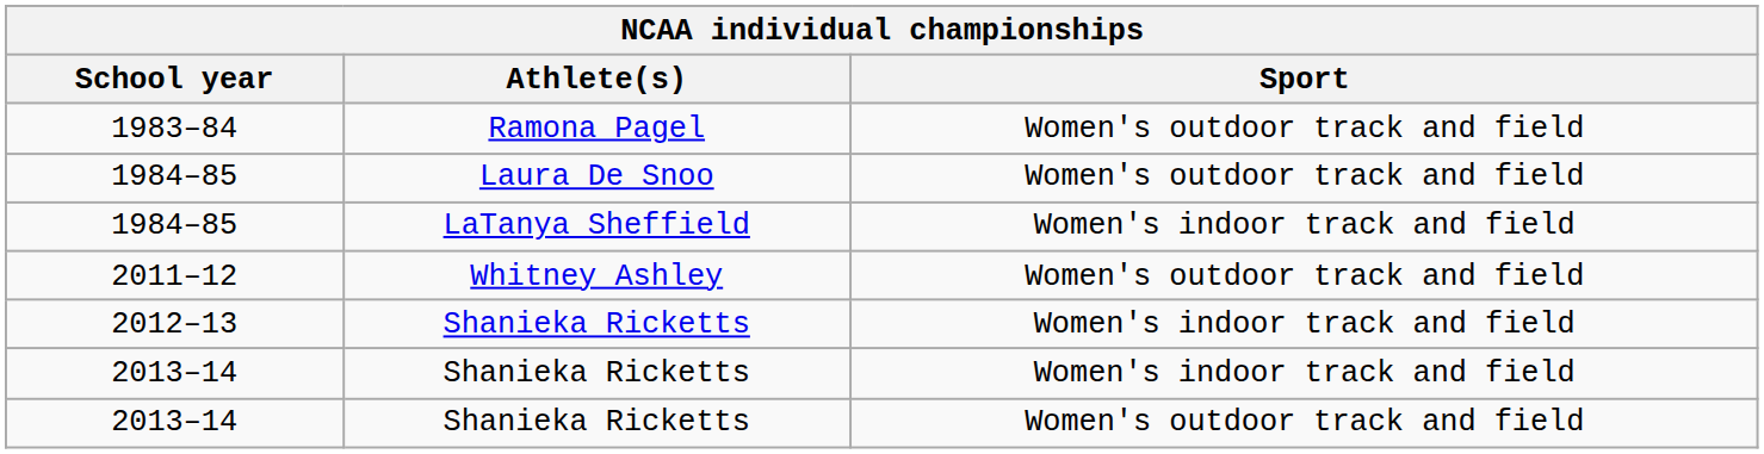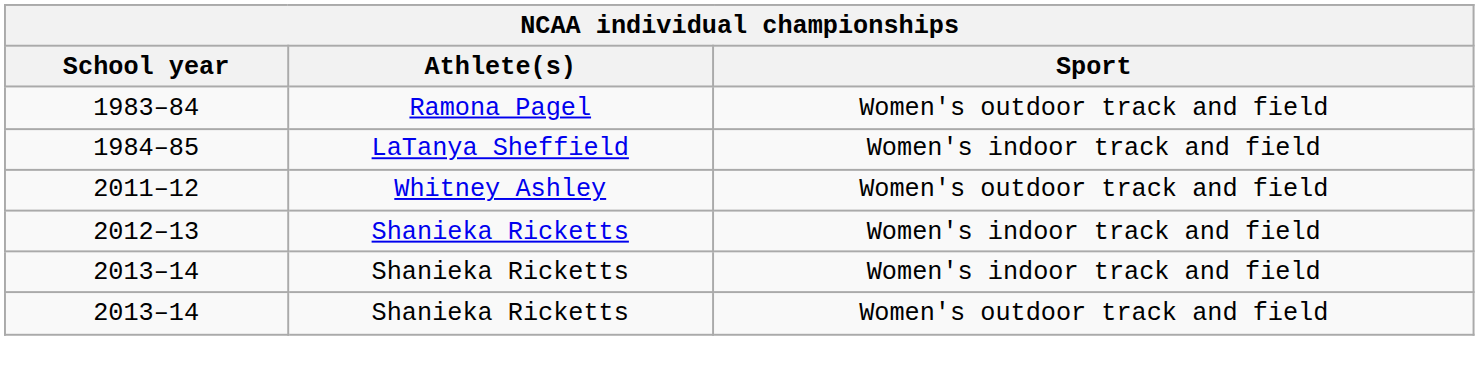 <table class="wikitable sortable" width="60%">
 <tr>
 <th colspan="3">NCAA individual championships</th>
 </tr>
 <tr>
 <th>School year</th>
 <th>Athlete(s)</th>
 <th>Sport</th>
 </tr>
 <tr align="center" bgcolor="">
 <td>1983–84</td>
 <td><a href='#'>Ramona Pagel</a></td>
-<td>Women's outdoor track and field</td>
-</tr>
-<tr align="center" bgcolor="">
-<td>1984–85</td>
-<td><a href='#'>Laura De Snoo</a></td>
 <td>Women's outdoor track and field</td>
 </tr>
 <tr align="center" bgcolor="">
 <td>1984–85</td>
 <td><a href='#'>LaTanya Sheffield</a></td>
 <td>Women's indoor track and field</td>
 </tr>
 <tr align="center" bgcolor="">
 <td>2011–12</td>
 <td><a href='#'>Whitney Ashley</a></td>
 <td>Women's outdoor track and field</td>
 </tr>
 <tr align="center" bgcolor="">
 <td>2012–13</td>
 <td><a href='#'>Shanieka Ricketts</a></td>
 <td>Women's indoor track and field</td>
 </tr>
 <tr align="center" bgcolor="">
 <td>2013–14</td>
 <td>Shanieka Ricketts</td>
 <td>Women's indoor track and field</td>
 </tr>
 <tr align="center" bgcolor="">
 <td>2013–14</td>
 <td>Shanieka Ricketts</td>
 <td>Women's outdoor track and field</td>
 </tr>
 </table>
